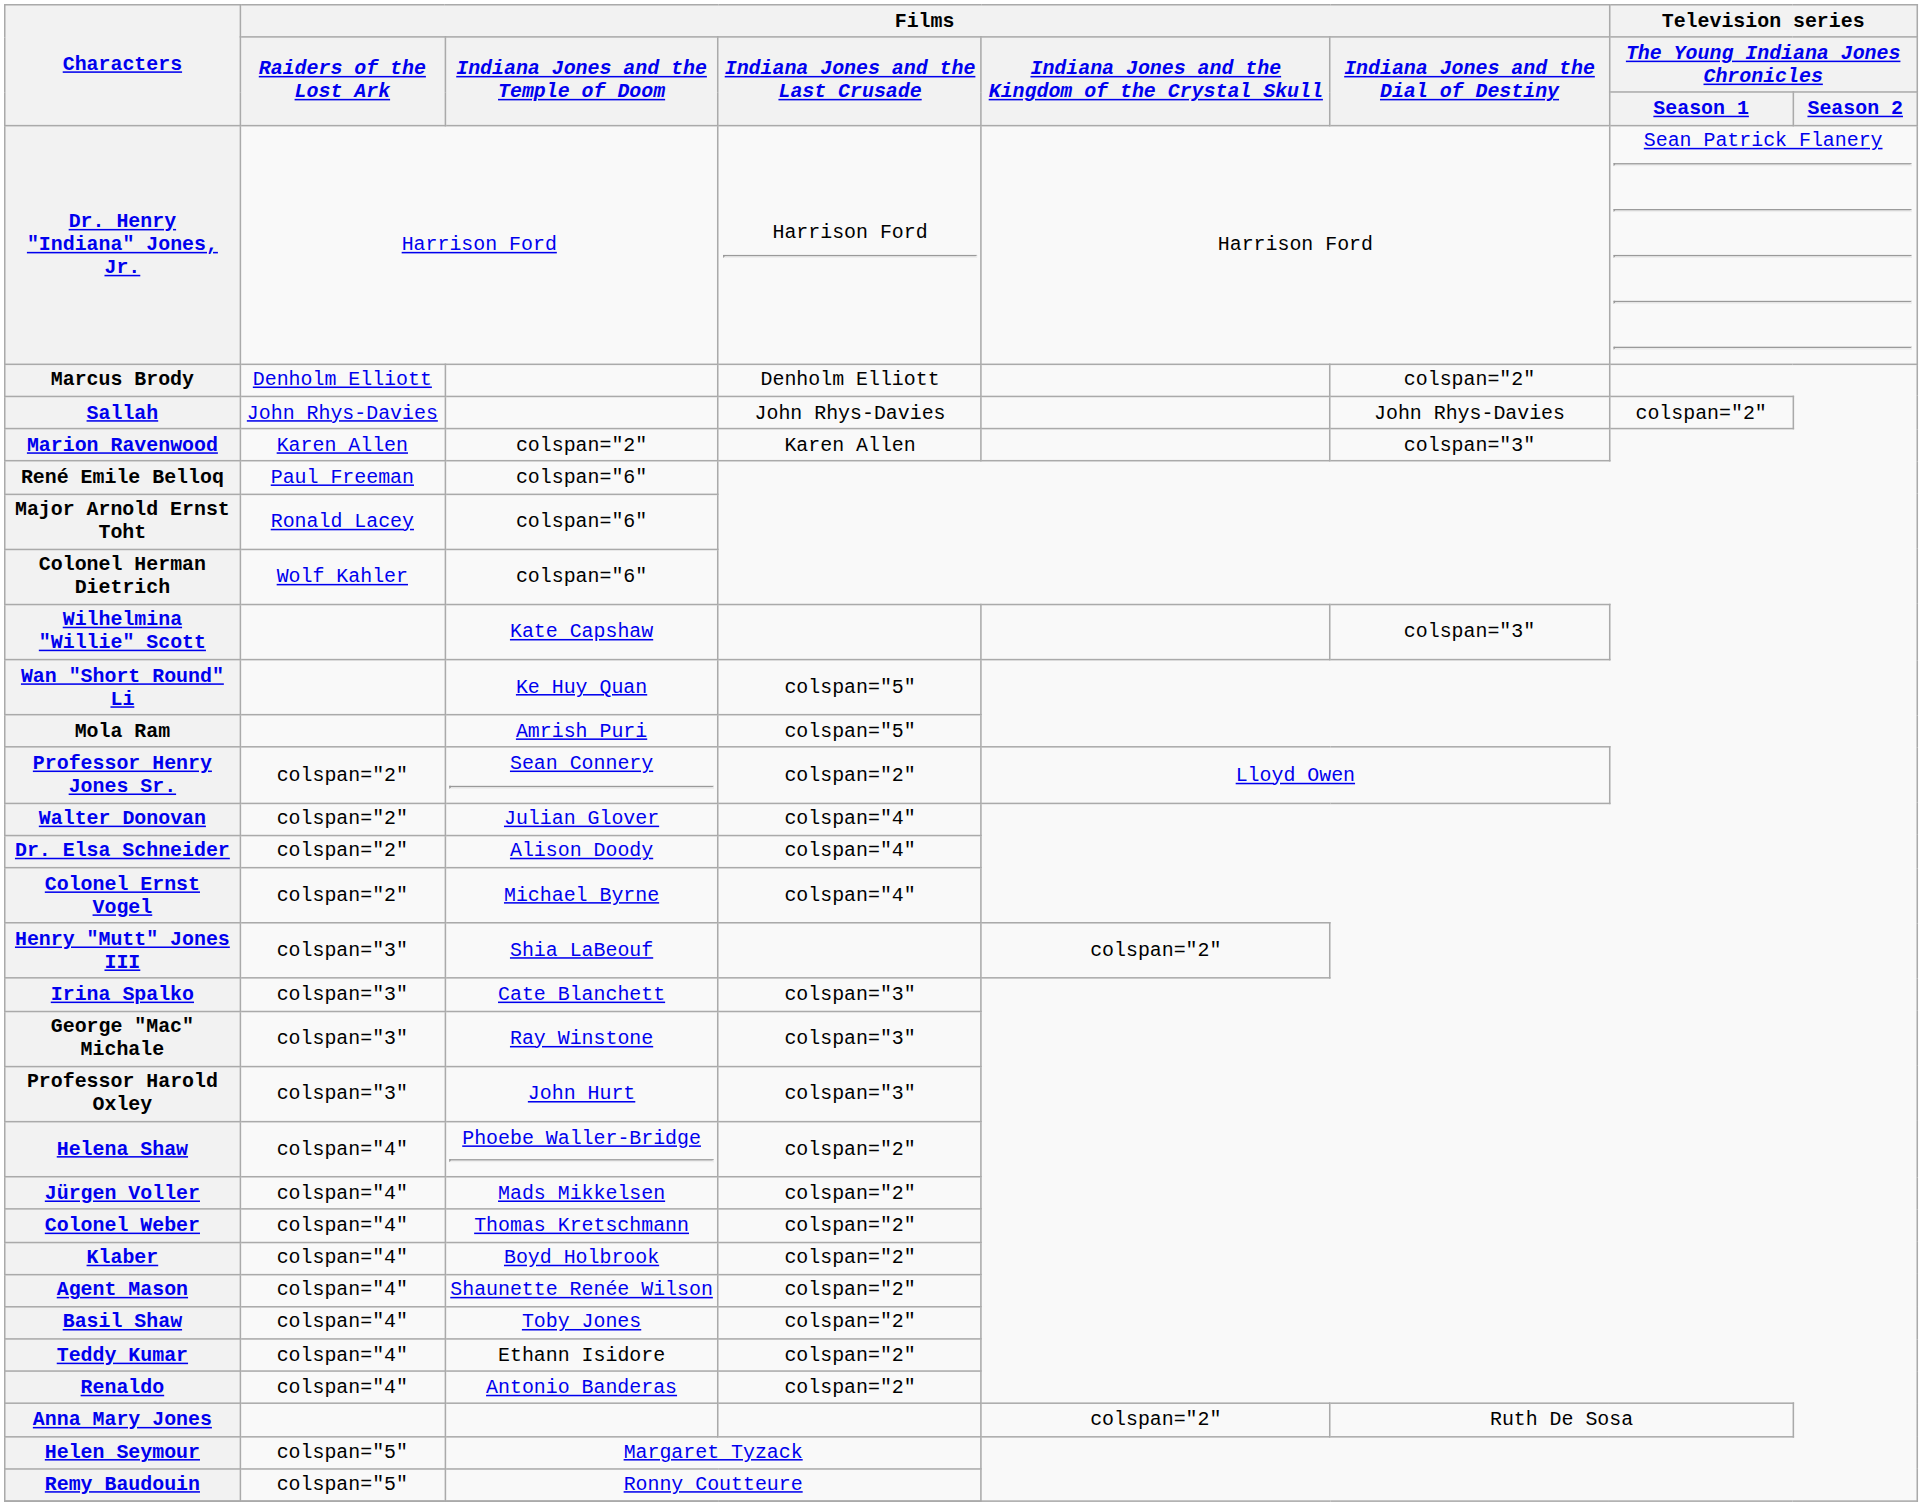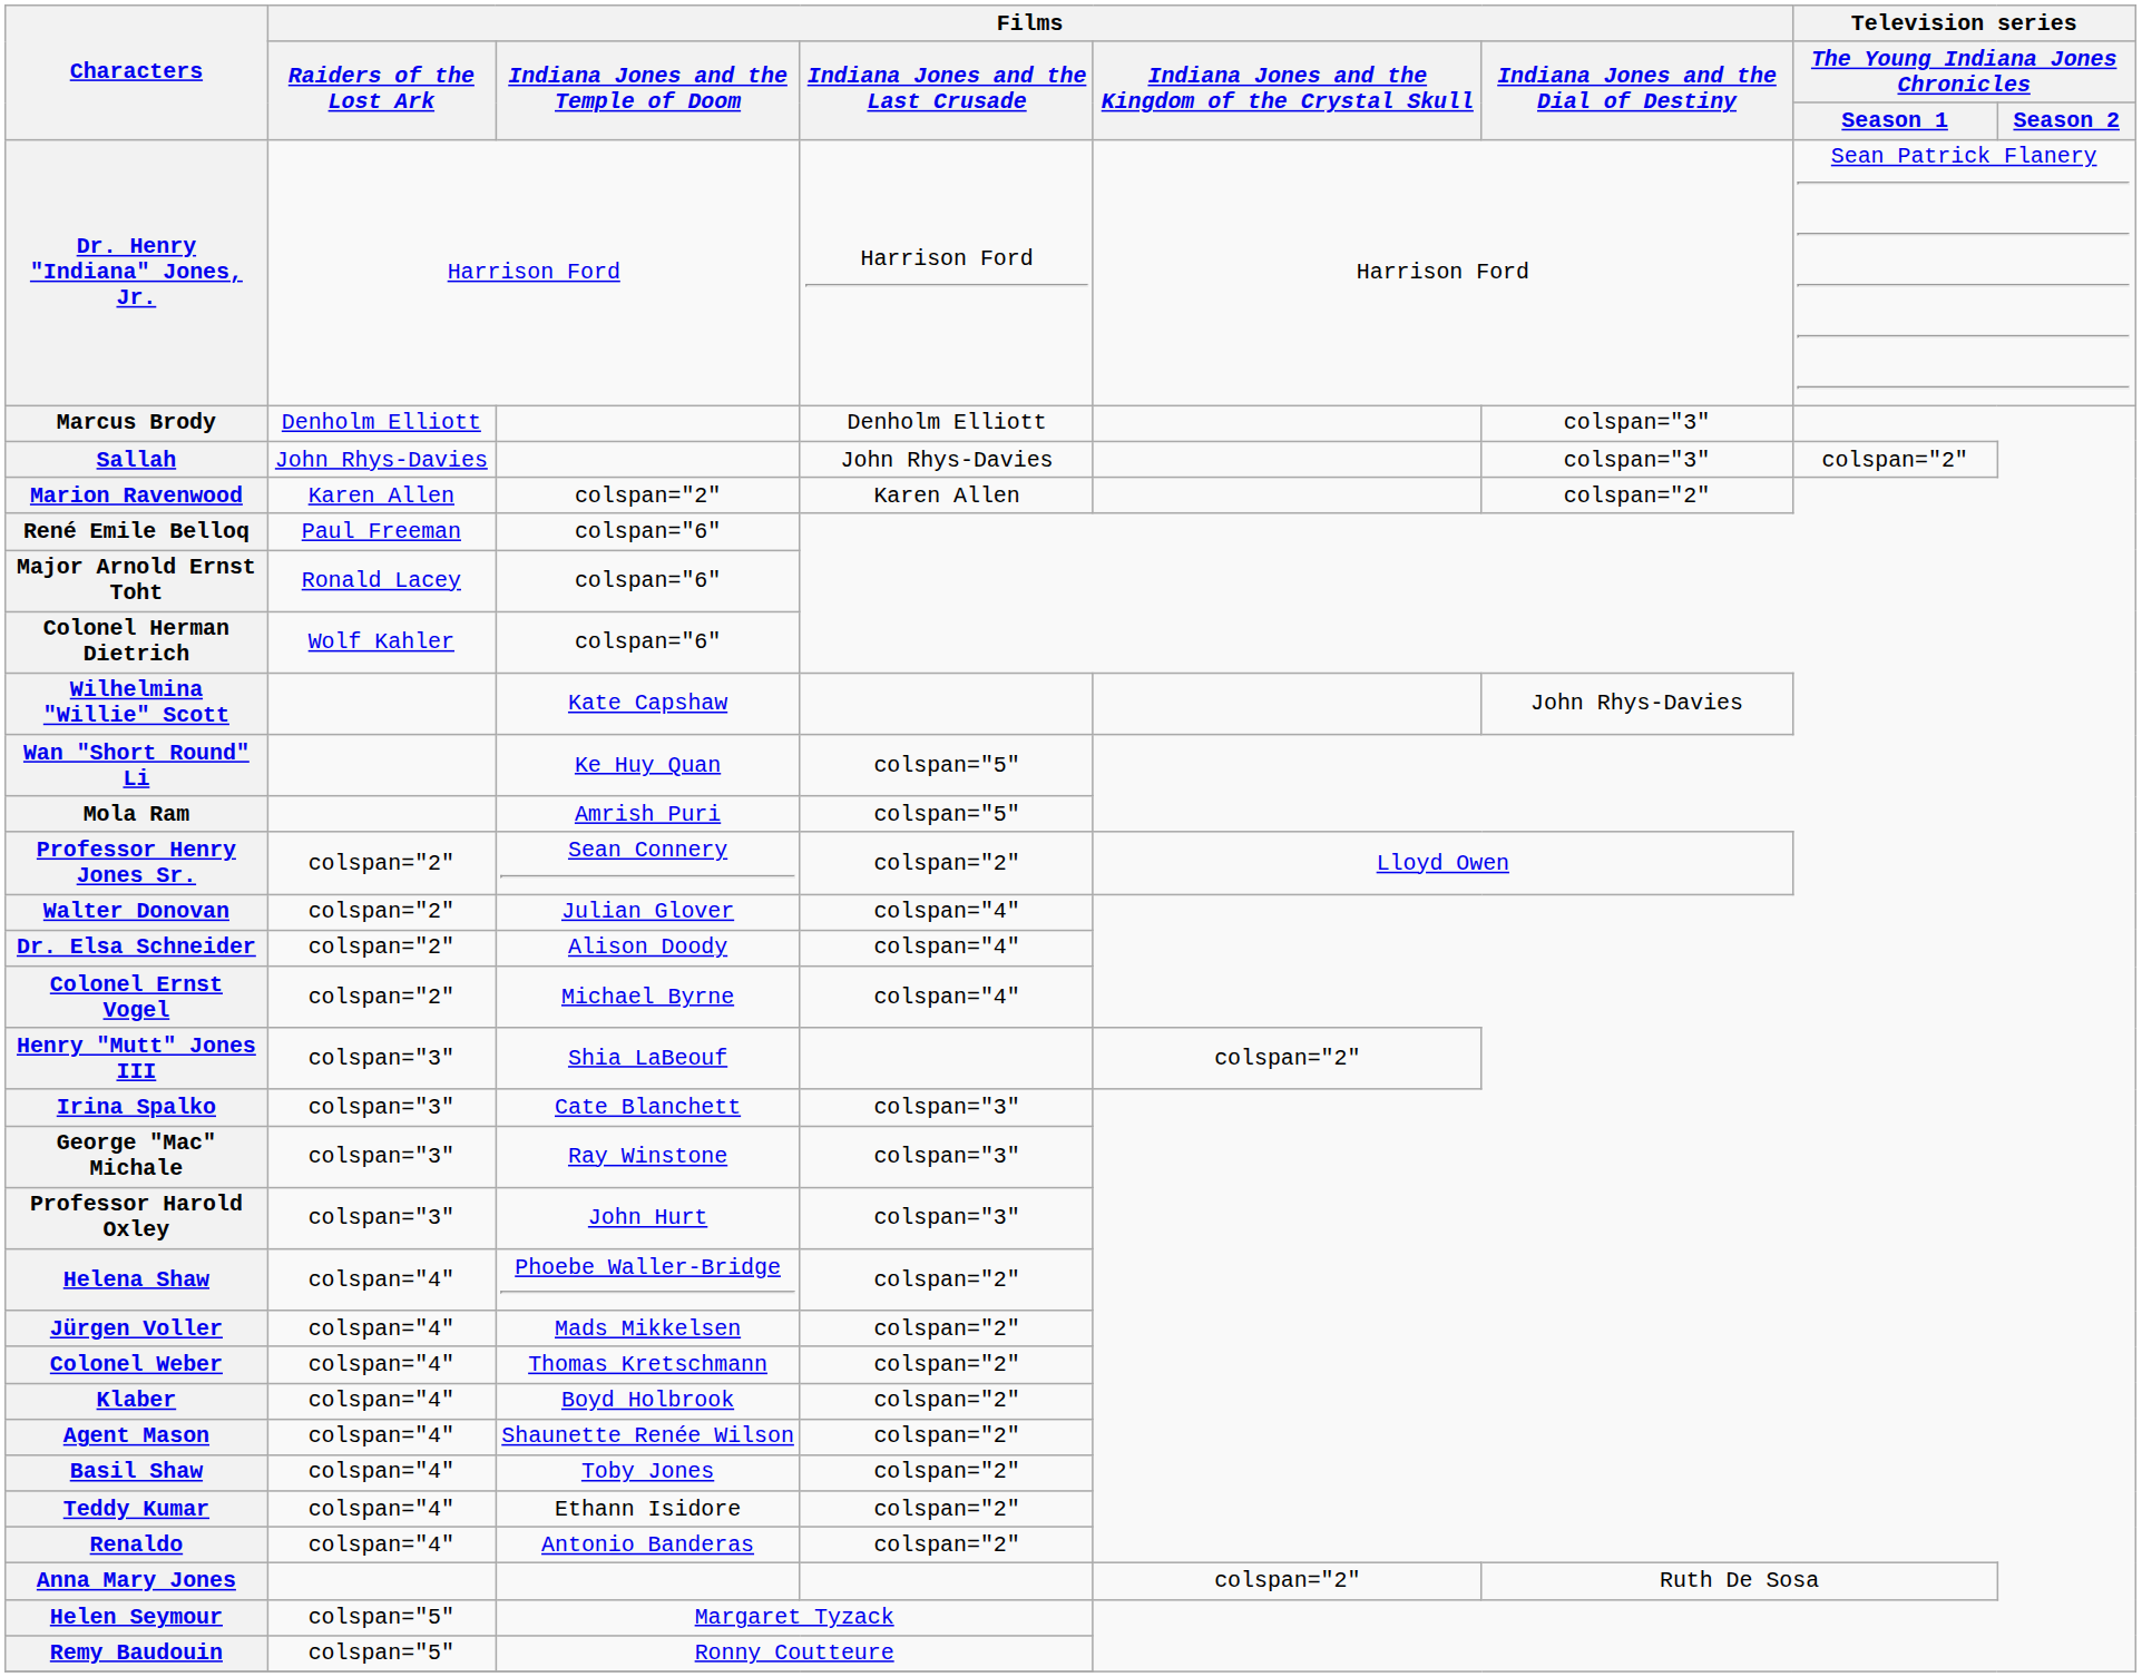 <table class="wikitable" style="text-align:center">
 <tr>
 <th rowspan="3"><a href='#'>Characters</a></th>
 <th colspan="5">Films</th>
 <th colspan="2">Television series</th>
 </tr>
 <tr>
 <th rowspan="2"><em><a href='#'>Raiders of the Lost Ark</a></em></th>
 <th rowspan="2"><em><a href='#'>Indiana Jones and the Temple of Doom</a></em></th>
 <th rowspan="2"><em><a href='#'>Indiana Jones and the Last Crusade</a></em></th>
 <th rowspan="2"><em><a href='#'>Indiana Jones and the Kingdom of the Crystal Skull</a></em></th>
 <th rowspan="2"><em><a href='#'>Indiana Jones and the Dial of Destiny</a></em></th>
 <th colspan="2"><em><a href='#'>The Young Indiana Jones Chronicles</a></em></th>
 </tr>
 <tr>
 <th><a href='#'>Season 1</a></th>
 <th><a href='#'>Season 2</a></th>
 </tr>
 <tr>
 <th><a href='#'>Dr. Henry "Indiana" Jones, Jr.</a></th>
 <td colspan="2"><a href='#'>Harrison Ford</a></td>
 <td>Harrison Ford<hr></td>
 <td colspan="2">Harrison Ford</td>
 <td colspan="2"><a href='#'>Sean Patrick Flanery</a><br><hr><br><hr><br><hr><br><hr><br><hr></td>
 </tr>
 <tr>
 <th>Marcus Brody</th>
 <td><a href='#'>Denholm Elliott</a></td>
 <td></td>
 <td>Denholm Elliott</td>
 <td></td>
-<td>colspan="2" </td>
+<td>colspan="3" </td>
 </tr>
 <tr>
 <th><a href='#'>Sallah</a></th>
 <td><a href='#'>John Rhys-Davies</a></td>
 <td></td>
 <td>John Rhys-Davies</td>
 <td></td>
-<td>John Rhys-Davies</td>
+<td>colspan="3" </td>
 <td>colspan="2" </td>
 </tr>
 <tr>
 <th><a href='#'>Marion Ravenwood</a></th>
 <td><a href='#'>Karen Allen</a></td>
 <td>colspan="2" </td>
 <td>Karen Allen</td>
 <td></td>
-<td>colspan="3" </td>
+<td>colspan="2" </td>
 </tr>
 <tr>
 <th>René Emile Belloq</th>
 <td><a href='#'>Paul Freeman</a></td>
 <td>colspan="6" </td>
 </tr>
 <tr>
 <th>Major Arnold Ernst Toht</th>
 <td><a href='#'>Ronald Lacey</a></td>
 <td>colspan="6" </td>
 </tr>
 <tr>
 <th>Colonel Herman Dietrich</th>
 <td><a href='#'>Wolf Kahler</a></td>
 <td>colspan="6" </td>
 </tr>
 <tr>
 <th><a href='#'>Wilhelmina "Willie" Scott</a></th>
 <td></td>
 <td><a href='#'>Kate Capshaw</a></td>
 <td></td>
 <td></td>
-<td>colspan="3" </td>
+<td>John Rhys-Davies</td>
 </tr>
 <tr>
 <th><a href='#'>Wan "Short Round" Li</a></th>
 <td></td>
 <td><a href='#'>Ke Huy Quan</a></td>
 <td>colspan="5" </td>
 </tr>
 <tr>
 <th>Mola Ram</th>
 <td></td>
 <td><a href='#'>Amrish Puri</a></td>
 <td>colspan="5" </td>
 </tr>
 <tr>
 <th><a href='#'>Professor Henry Jones Sr.</a></th>
 <td>colspan="2" </td>
 <td><a href='#'>Sean Connery</a><hr></td>
 <td>colspan="2" </td>
 <td colspan="2"><a href='#'>Lloyd Owen</a></td>
 </tr>
 <tr>
 <th><a href='#'>Walter Donovan</a></th>
 <td>colspan="2" </td>
 <td><a href='#'>Julian Glover</a></td>
 <td>colspan="4" </td>
 </tr>
 <tr>
 <th><a href='#'>Dr. Elsa Schneider</a></th>
 <td>colspan="2" </td>
 <td><a href='#'>Alison Doody</a></td>
 <td>colspan="4" </td>
 </tr>
 <tr>
 <th><a href='#'>Colonel Ernst Vogel</a></th>
 <td>colspan="2" </td>
 <td><a href='#'>Michael Byrne</a></td>
 <td>colspan="4" </td>
 </tr>
 <tr>
 <th><a href='#'>Henry "Mutt" Jones III</a></th>
 <td>colspan="3" </td>
 <td><a href='#'>Shia LaBeouf</a></td>
 <td></td>
 <td>colspan="2" </td>
 </tr>
 <tr>
 <th><a href='#'>Irina Spalko</a></th>
 <td>colspan="3" </td>
 <td><a href='#'>Cate Blanchett</a></td>
 <td>colspan="3" </td>
 </tr>
 <tr>
 <th>George "Mac" Michale</th>
 <td>colspan="3" </td>
 <td><a href='#'>Ray Winstone</a></td>
 <td>colspan="3" </td>
 </tr>
 <tr>
 <th>Professor Harold Oxley</th>
 <td>colspan="3" </td>
 <td><a href='#'>John Hurt</a></td>
 <td>colspan="3" </td>
 </tr>
 <tr>
 <th><a href='#'>Helena Shaw</a></th>
 <td>colspan="4" </td>
 <td><a href='#'>Phoebe Waller-Bridge</a><hr></td>
 <td>colspan="2" </td>
 </tr>
 <tr>
 <th><a href='#'>Jürgen Voller</a></th>
 <td>colspan="4" </td>
 <td><a href='#'>Mads Mikkelsen</a></td>
 <td>colspan="2" </td>
 </tr>
 <tr>
 <th><a href='#'>Colonel Weber</a></th>
 <td>colspan="4" </td>
 <td><a href='#'>Thomas Kretschmann</a></td>
 <td>colspan="2" </td>
 </tr>
 <tr>
 <th><a href='#'>Klaber</a></th>
 <td>colspan="4" </td>
 <td><a href='#'>Boyd Holbrook</a></td>
 <td>colspan="2" </td>
 </tr>
 <tr>
 <th><a href='#'>Agent Mason</a></th>
 <td>colspan="4" </td>
 <td><a href='#'>Shaunette Renée Wilson</a></td>
 <td>colspan="2" </td>
 </tr>
 <tr>
 <th><a href='#'>Basil Shaw</a></th>
 <td>colspan="4" </td>
 <td><a href='#'>Toby Jones</a></td>
 <td>colspan="2" </td>
 </tr>
 <tr>
 <th><a href='#'>Teddy Kumar</a></th>
 <td>colspan="4" </td>
 <td>Ethann Isidore</td>
 <td>colspan="2" </td>
 </tr>
 <tr>
 <th><a href='#'>Renaldo</a></th>
 <td>colspan="4" </td>
 <td><a href='#'>Antonio Banderas</a></td>
 <td>colspan="2" </td>
 </tr>
 <tr>
 <th><a href='#'>Anna Mary Jones</a></th>
 <td></td>
 <td></td>
 <td></td>
 <td>colspan="2" </td>
 <td colspan="2">Ruth De Sosa</td>
 </tr>
 <tr>
 <th><a href='#'>Helen Seymour</a></th>
 <td>colspan="5" </td>
 <td colspan="2"><a href='#'>Margaret Tyzack</a></td>
 </tr>
 <tr>
 <th><a href='#'>Remy Baudouin</a></th>
 <td>colspan="5" </td>
 <td colspan="2"><a href='#'>Ronny Coutteure</a></td>
 </tr>
 <tr>
 </tr>
 </table>
